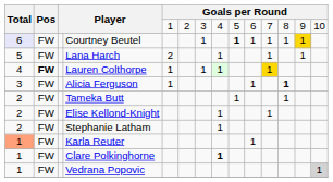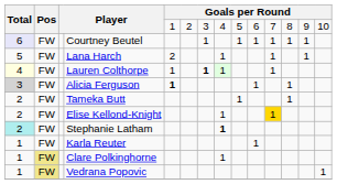 <table class="wikitable" style="text-align:center; line-height: 90%; font-size:90%;">
 <tr>
 <th rowspan="2">Total</th>
 <th rowspan="2">Pos</th>
 <th rowspan="2" colspan="2">Player</th>
 <th colspan="21">Goals per Round</th>
 </tr>
 <tr>
 <td> 1 </td>
 <td> 2 </td>
 <td> 3 </td>
 <td> 4 </td>
 <td> 5 </td>
 <td> 6 </td>
 <td> 7 </td>
 <td> 8 </td>
 <td> 9 </td>
 <td>10</td>
 </tr>
 <tr>
 <td style="background: lavender;">6</td>
 <td>FW</td>
 <td></td>
 <td style="text-align:left;">Courtney Beutel</td>
 <td></td>
 <td></td>
 <td>1</td>
 <td></td>
-<td><strong>1</strong></td>
 <td>1</td>
 <td>1</td>
 <td>1</td>
-<td style="background: gold;">1</td>
+<td>1</td>
+<td>1</td>
 <td></td>
 </tr>
 <tr>
 <td>5</td>
 <td>FW</td>
 <td></td>
 <td style="text-align:left;"><a href='#'>Lana Harch</a></td>
 <td>2</td>
 <td></td>
 <td></td>
 <td>1</td>
 <td></td>
 <td></td>
 <td>1</td>
 <td></td>
 <td>1</td>
 <td></td>
 </tr>
 <tr>
-<td>4</td>
-<td><strong>FW</strong></td>
+<td style="background: lightyellow;">4</td>
+<td>FW</td>
 <td></td>
 <td style="text-align:left;"><a href='#'>Lauren Colthorpe</a></td>
 <td>1</td>
 <td></td>
-<td>1</td>
+<td><strong>1</strong></td>
 <td style="background:#e0ffe0;">1</td>
 <td></td>
 <td></td>
-<td style="background: gold;">1</td>
+<td>1</td>
 <td></td>
 <td></td>
 <td></td>
 </tr>
 <tr>
-<td>3</td>
+<td style="background: lightgrey;">3</td>
 <td>FW</td>
 <td></td>
 <td style="text-align:left;"><a href='#'>Alicia Ferguson</a></td>
-<td>1</td>
+<td><strong>1</strong></td>
 <td></td>
 <td></td>
 <td></td>
 <td></td>
 <td>1</td>
 <td></td>
-<td><strong>1</strong></td>
+<td>1</td>
 <td></td>
 <td></td>
 </tr>
 <tr>
 <td>2</td>
 <td>FW</td>
 <td></td>
 <td style="text-align:left;"><a href='#'>Tameka Butt</a></td>
 <td></td>
 <td></td>
 <td></td>
 <td></td>
 <td>1</td>
 <td></td>
 <td></td>
 <td>1</td>
 <td></td>
 <td></td>
 </tr>
 <tr>
 <td>2</td>
 <td>FW</td>
 <td></td>
 <td style="text-align:left;"><a href='#'>Elise Kellond-Knight</a></td>
 <td></td>
 <td></td>
 <td></td>
 <td>1</td>
 <td></td>
 <td></td>
-<td>1</td>
+<td style="background: gold;">1</td>
 <td></td>
 <td></td>
 <td></td>
 </tr>
 <tr>
-<td>2</td>
+<td style="background: paleturquoise;">2</td>
 <td>FW</td>
 <td></td>
 <td style="text-align:left;">Stephanie Latham</td>
 <td></td>
 <td></td>
 <td></td>
-<td>1</td>
+<td><strong>1</strong></td>
 <td></td>
 <td></td>
 <td></td>
 <td></td>
 <td></td>
 <td></td>
 </tr>
 <tr>
-<td style="background: lightsalmon;">1</td>
+<td>1</td>
 <td>FW</td>
 <td></td>
 <td style="text-align:left;"><a href='#'>Karla Reuter</a></td>
 <td></td>
 <td></td>
 <td></td>
 <td></td>
 <td></td>
 <td>1</td>
 <td></td>
 <td></td>
 <td></td>
 <td></td>
 </tr>
 <tr>
 <td>1</td>
-<td>FW</td>
+<td style="background: khaki;">FW</td>
 <td></td>
 <td style="text-align:left;"><a href='#'>Clare Polkinghorne</a></td>
 <td></td>
 <td></td>
 <td></td>
-<td><strong>1</strong></td>
+<td>1</td>
 <td></td>
 <td></td>
 <td></td>
 <td></td>
 <td></td>
 <td></td>
 </tr>
 <tr>
 <td>1</td>
-<td>FW</td>
+<td style="background: khaki;">FW</td>
 <td></td>
 <td style="text-align:left;"><a href='#'>Vedrana Popovic</a></td>
 <td></td>
 <td></td>
 <td></td>
 <td></td>
 <td></td>
 <td></td>
 <td></td>
 <td></td>
 <td></td>
-<td style="background: lightgrey;">1</td>
+<td>1</td>
 </tr>
 <tr>
 </tr>
 </table>
